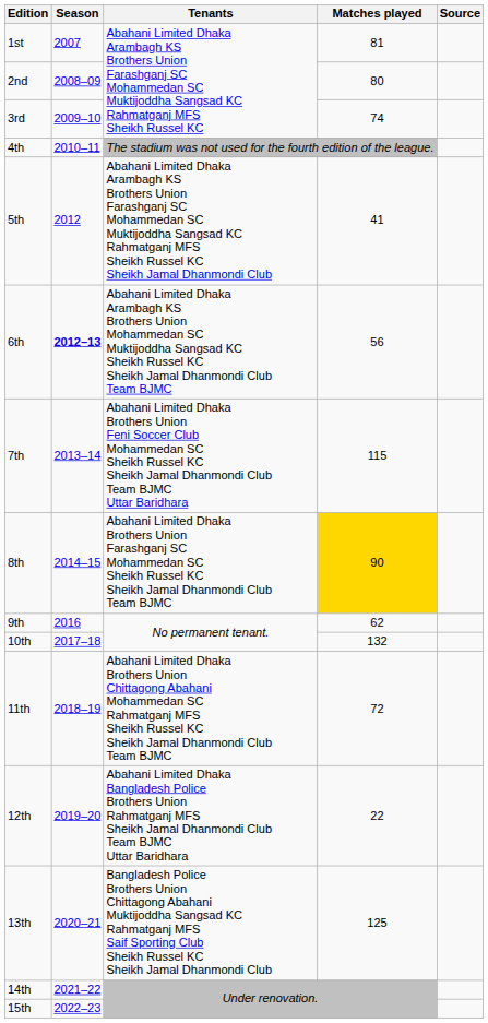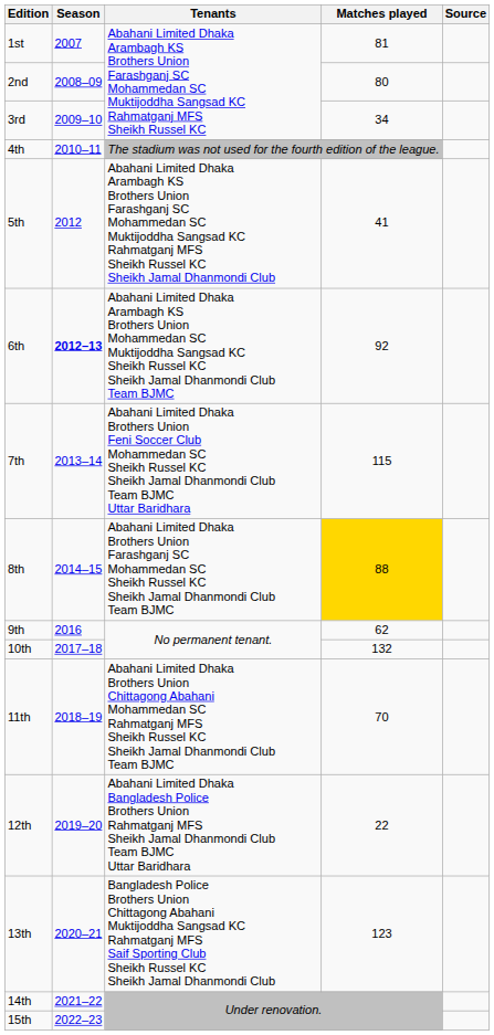 <table class="wikitable collapsible collapsed">
 <tr>
 <th>Edition</th>
 <th>Season</th>
 <th>Tenants</th>
 <th>Matches played</th>
 <th>Source</th>
 </tr>
 <tr>
 <td>1st</td>
 <td><a href='#'>2007</a></td>
 <td rowspan=3><a href='#'>Abahani Limited Dhaka</a> <br> <a href='#'>Arambagh KS</a>  <br> <a href='#'>Brothers Union</a> <br> <a href='#'>Farashganj SC</a> <br> <a href='#'>Mohammedan SC</a> <br> <a href='#'>Muktijoddha Sangsad KC</a> <br> <a href='#'>Rahmatganj MFS</a> <br> <a href='#'>Sheikh Russel KC</a></td>
 <td style="text-align: center">81</td>
 <td style="text-align: center"></td>
 </tr>
 <tr>
 <td>2nd</td>
 <td><a href='#'>2008–09</a></td>
 <td style="text-align: center">80</td>
 <td style="text-align: center"></td>
 </tr>
 <tr>
 <td>3rd</td>
 <td><a href='#'>2009–10</a></td>
-<td style="text-align: center">74</td>
+<td style="text-align: center">34</td>
 <td style="text-align: center"></td>
 </tr>
 <tr>
 <td>4th</td>
 <td><a href='#'>2010–11</a></td>
 <td bgcolor=silver colspan=2 style="text-align: center"><em>The stadium was not used for the fourth edition of the league.</em></td>
 <td style="text-align: center"></td>
 </tr>
 <tr>
 <td>5th</td>
 <td><a href='#'>2012</a></td>
 <td>Abahani Limited Dhaka <br> Arambagh KS <br> Brothers Union <br> Farashganj SC <br> Mohammedan SC <br> Muktijoddha Sangsad KC <br> Rahmatganj MFS <br> Sheikh Russel KC <br> <a href='#'>Sheikh Jamal Dhanmondi Club</a></td>
 <td style="text-align: center">41</td>
 <td style="text-align: center"></td>
 </tr>
 <tr>
 <td>6th</td>
 <td><strong><a href='#'>2012–13</a></strong></td>
 <td>Abahani Limited Dhaka <br> Arambagh KS <br> Brothers Union <br> Mohammedan SC <br> Muktijoddha Sangsad KC <br> Sheikh Russel KC <br> Sheikh Jamal Dhanmondi Club <br> <a href='#'>Team BJMC</a></td>
-<td style="text-align: center">56</td>
+<td style="text-align: center">92</td>
 <td style="text-align: center"></td>
 </tr>
 <tr>
 <td>7th</td>
 <td><a href='#'>2013–14</a></td>
 <td>Abahani Limited Dhaka <br> Brothers Union <br> <a href='#'>Feni Soccer Club</a> <br> Mohammedan SC <br> Sheikh Russel KC <br> Sheikh Jamal Dhanmondi Club <br> Team BJMC <br> <a href='#'>Uttar Baridhara</a></td>
 <td style="text-align: center">115</td>
 <td style="text-align: center"></td>
 </tr>
 <tr>
 <td>8th</td>
 <td><a href='#'>2014–15</a></td>
 <td>Abahani Limited Dhaka <br> Brothers Union <br> Farashganj SC <br> Mohammedan SC <br> Sheikh Russel KC <br> Sheikh Jamal Dhanmondi Club <br> Team BJMC</td>
-<td bgcolor=gold style="text-align: center">90</td>
+<td bgcolor=gold style="text-align: center">88</td>
 <td style="text-align: center"></td>
 </tr>
 <tr>
 <td>9th</td>
 <td><a href='#'>2016</a></td>
 <td rowspan=2 style="text-align: center"><em>No permanent tenant.</em></td>
 <td style="text-align: center">62</td>
 <td style="text-align: center"></td>
 </tr>
 <tr>
 <td>10th</td>
 <td><a href='#'>2017–18</a></td>
 <td style="text-align: center">132</td>
 <td style="text-align: center"></td>
 </tr>
 <tr>
 <td>11th</td>
 <td><a href='#'>2018–19</a></td>
 <td>Abahani Limited Dhaka <br> Brothers Union <br> <a href='#'>Chittagong Abahani</a> <br> Mohammedan SC <br> Rahmatganj MFS <br> Sheikh Russel KC <br> Sheikh Jamal Dhanmondi Club <br> Team BJMC</td>
-<td style="text-align: center">72</td>
+<td style="text-align: center">70</td>
 <td style="text-align: center"></td>
 </tr>
 <tr>
 <td>12th</td>
 <td><a href='#'>2019–20</a></td>
 <td>Abahani Limited Dhaka <br> <a href='#'>Bangladesh Police</a> <br> Brothers Union <br> Rahmatganj MFS <br> Sheikh Jamal Dhanmondi Club <br> Team BJMC <br> Uttar Baridhara</td>
 <td style="text-align: center">22</td>
 <td style="text-align: center"></td>
 </tr>
 <tr>
 <td>13th</td>
 <td><a href='#'>2020–21</a></td>
 <td Abahani Limited Dhaka>Bangladesh Police <br> Brothers Union <br> Chittagong Abahani <br> Muktijoddha Sangsad KC <br> Rahmatganj MFS <br> <a href='#'>Saif Sporting Club</a> <br> Sheikh Russel KC <br> Sheikh Jamal Dhanmondi Club</td>
-<td style="text-align: center">125</td>
+<td style="text-align: center">123</td>
 <td style="text-align: center"></td>
 </tr>
 <tr>
 <td>14th</td>
 <td><a href='#'>2021–22</a></td>
 <td bgcolor=silver rowspan=2 colspan=2 style="text-align: center"><em>Under renovation.</em></td>
 <td style="text-align: center"></td>
 </tr>
 <tr>
 <td>15th</td>
 <td><a href='#'>2022–23</a></td>
 <td style="text-align: center"></td>
 </tr>
 </table>
